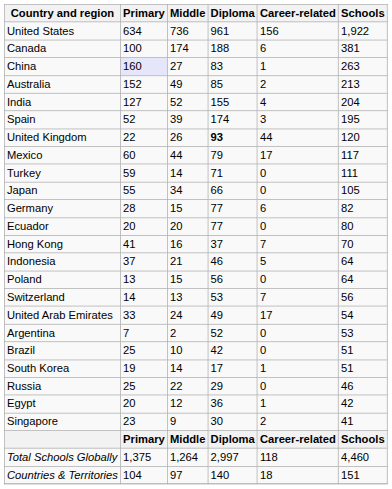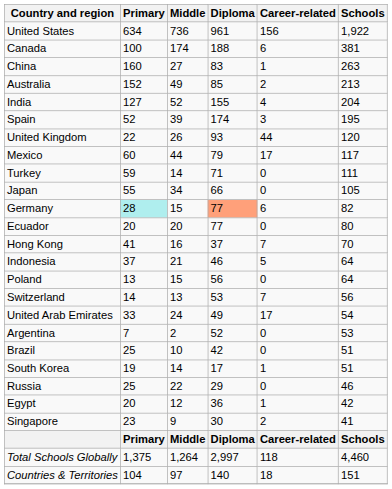 <table class="wikitable floatright">
 <tr>
 <th>Country and region</th>
 <th>Primary</th>
 <th>Middle</th>
 <th>Diploma</th>
 <th>Career-related</th>
 <th>Schools</th>
 </tr>
 <tr>
 <td>United States</td>
 <td>634</td>
 <td>736</td>
 <td>961</td>
 <td>156</td>
 <td>1,922</td>
 </tr>
 <tr>
 <td>Canada</td>
 <td>100</td>
 <td>174</td>
 <td>188</td>
 <td>6</td>
 <td>381</td>
 </tr>
 <tr>
 <td>China</td>
-<td style="background: lavender;">160</td>
+<td>160</td>
 <td>27</td>
 <td>83</td>
 <td>1</td>
 <td>263</td>
 </tr>
 <tr>
 <td>Australia</td>
 <td>152</td>
 <td>49</td>
 <td>85</td>
 <td>2</td>
 <td>213</td>
 </tr>
 <tr>
 <td>India</td>
 <td>127</td>
 <td>52</td>
 <td>155</td>
 <td>4</td>
 <td>204</td>
 </tr>
 <tr>
 <td>Spain</td>
 <td>52</td>
 <td>39</td>
 <td>174</td>
 <td>3</td>
 <td>195</td>
 </tr>
 <tr>
 <td>United Kingdom</td>
 <td>22</td>
 <td>26</td>
-<td><strong>93</strong></td>
+<td>93</td>
 <td>44</td>
 <td>120</td>
 </tr>
 <tr>
 <td>Mexico</td>
 <td>60</td>
 <td>44</td>
 <td>79</td>
 <td>17</td>
 <td>117</td>
 </tr>
 <tr>
 <td>Turkey</td>
 <td>59</td>
 <td>14</td>
 <td>71</td>
 <td>0</td>
 <td>111</td>
 </tr>
 <tr>
 <td>Japan</td>
 <td>55</td>
 <td>34</td>
 <td>66</td>
 <td>0</td>
 <td>105</td>
 </tr>
 <tr>
 <td>Germany</td>
-<td>28</td>
+<td style="background: paleturquoise;">28</td>
 <td>15</td>
-<td>77</td>
+<td style="background: lightsalmon;">77</td>
 <td>6</td>
 <td>82</td>
 </tr>
 <tr>
 <td>Ecuador</td>
 <td>20</td>
 <td>20</td>
 <td>77</td>
 <td>0</td>
 <td>80</td>
 </tr>
 <tr>
 <td>Hong Kong</td>
 <td>41</td>
 <td>16</td>
 <td>37</td>
 <td>7</td>
 <td>70</td>
 </tr>
 <tr>
 <td>Indonesia</td>
 <td>37</td>
 <td>21</td>
 <td>46</td>
 <td>5</td>
 <td>64</td>
 </tr>
 <tr>
 <td>Poland</td>
 <td>13</td>
 <td>15</td>
 <td>56</td>
 <td>0</td>
 <td>64</td>
 </tr>
 <tr>
 <td>Switzerland</td>
 <td>14</td>
 <td>13</td>
 <td>53</td>
 <td>7</td>
 <td>56</td>
 </tr>
 <tr>
 <td>United Arab Emirates</td>
 <td>33</td>
 <td>24</td>
 <td>49</td>
 <td>17</td>
 <td>54</td>
 </tr>
 <tr>
 <td>Argentina</td>
 <td>7</td>
 <td>2</td>
 <td>52</td>
 <td>0</td>
 <td>53</td>
 </tr>
 <tr>
 <td>Brazil</td>
 <td>25</td>
 <td>10</td>
 <td>42</td>
 <td>0</td>
 <td>51</td>
 </tr>
 <tr>
 <td>South Korea</td>
 <td>19</td>
 <td>14</td>
 <td>17</td>
 <td>1</td>
 <td>51</td>
 </tr>
 <tr>
 <td>Russia</td>
 <td>25</td>
 <td>22</td>
 <td>29</td>
 <td>0</td>
 <td>46</td>
 </tr>
 <tr>
 <td>Egypt</td>
 <td>20</td>
 <td>12</td>
 <td>36</td>
 <td>1</td>
 <td>42</td>
 </tr>
 <tr>
 <td>Singapore</td>
 <td>23</td>
 <td>9</td>
 <td>30</td>
 <td>2</td>
 <td>41</td>
 </tr>
 <tr>
 <th></th>
 <th>Primary</th>
 <th>Middle</th>
 <th>Diploma</th>
 <th>Career-related</th>
 <th>Schools</th>
 </tr>
 <tr>
 <td><em>Total Schools Globally</em></td>
 <td>1,375</td>
 <td>1,264</td>
 <td>2,997</td>
 <td>118</td>
 <td>4,460</td>
 </tr>
 <tr>
 <td><em>Countries & Territories</em></td>
 <td>104</td>
 <td>97</td>
 <td>140</td>
 <td>18</td>
 <td>151</td>
 </tr>
 <tr>
 </tr>
 </table>
